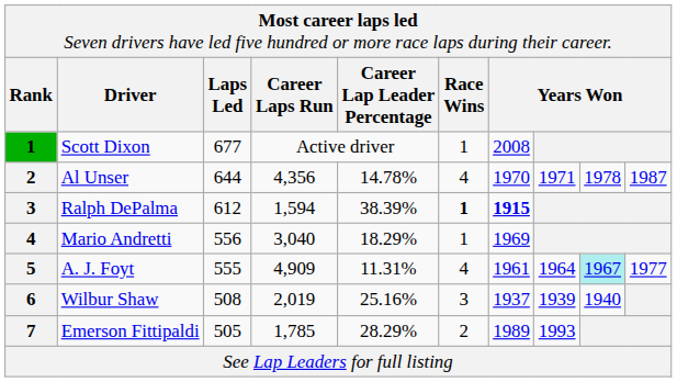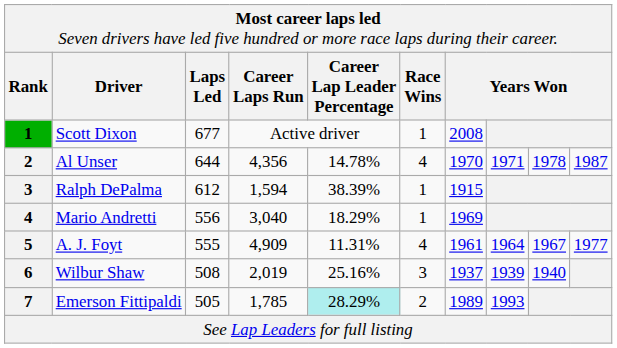 <table class="wikitable" style="font-size:95%;">
 <tr>
 <td style="background:#f2f2f2; text-align:center;" colspan="10"><strong>Most career laps led</strong><br><em>Seven drivers have led five hundred or more race laps during their career.</em></td>
 </tr>
 <tr>
 <th>Rank</th>
 <th>Driver</th>
 <th>Laps<br>Led</th>
 <th>Career<br>Laps Run</th>
 <th>Career<br>Lap Leader<br>Percentage</th>
 <th>Race<br>Wins</th>
 <td style="background:#f2f2f2; text-align:center;" colspan="4"><strong>Years Won</strong></td>
 </tr>
 <tr>
 <td style="background:#00af00; text-align:center;"><strong>1</strong></td>
 <td> <a href='#'>Scott Dixon</a></td>
 <td align=center>677</td>
 <td style="text-align:center;" colspan="2">Active driver</td>
 <td align=center>1</td>
 <td align=center><a href='#'>2008</a></td>
 <td style="background:#f2f2f2; text-align:center;" colspan="3"> </td>
 </tr>
 <tr>
 <td style="background:#f2f2f2; text-align:center;"><strong>2</strong></td>
 <td> <a href='#'>Al Unser</a></td>
 <td align=center>644</td>
 <td align=center>4,356</td>
 <td align=center>14.78%</td>
 <td align=center>4</td>
 <td align=center><a href='#'>1970</a></td>
 <td align=center><a href='#'>1971</a></td>
 <td align=center><a href='#'>1978</a></td>
 <td align=center><a href='#'>1987</a></td>
 </tr>
 <tr>
 <td style="background:#f2f2f2; text-align:center;"><strong>3</strong></td>
 <td> <a href='#'>Ralph DePalma</a></td>
 <td align=center>612</td>
 <td align=center>1,594</td>
 <td align=center>38.39%</td>
-<td align=center><strong>1</strong></td>
-<td align=center><strong><a href='#'>1915</a></strong></td>
+<td align=center>1</td>
+<td align=center><a href='#'>1915</a></td>
 <td style="background:#f2f2f2; text-align:center;" colspan="3"> </td>
 </tr>
 <tr>
 <td style="background:#f2f2f2; text-align:center;"><strong>4</strong></td>
 <td> <a href='#'>Mario Andretti</a></td>
 <td align=center>556</td>
 <td align=center>3,040</td>
 <td align=center>18.29%</td>
 <td align=center>1</td>
 <td align=center><a href='#'>1969</a></td>
 <td style="background:#f2f2f2; text-align:center;" colspan="3"> </td>
 </tr>
 <tr>
 <td style="background:#f2f2f2; text-align:center;"><strong>5</strong></td>
 <td> <a href='#'>A. J. Foyt</a></td>
 <td align=center>555</td>
 <td align=center>4,909</td>
 <td align=center>11.31%</td>
 <td align=center>4</td>
 <td align=center><a href='#'>1961</a></td>
 <td align=center><a href='#'>1964</a></td>
-<td align=center style="background: paleturquoise;"><a href='#'>1967</a></td>
+<td align=center><a href='#'>1967</a></td>
 <td align=center><a href='#'>1977</a></td>
 </tr>
 <tr>
 <td style="background:#f2f2f2; text-align:center;"><strong>6</strong></td>
 <td> <a href='#'>Wilbur Shaw</a></td>
 <td align=center>508</td>
 <td align=center>2,019</td>
 <td align=center>25.16%</td>
 <td align=center>3</td>
 <td align=center><a href='#'>1937</a></td>
 <td align=center><a href='#'>1939</a></td>
 <td align=center><a href='#'>1940</a></td>
 <td style="background:#f2f2f2; text-align:center;"> </td>
 </tr>
 <tr>
 <td style="background:#f2f2f2; text-align:center;"><strong>7</strong></td>
 <td> <a href='#'>Emerson Fittipaldi</a></td>
 <td align=center>505</td>
 <td align=center>1,785</td>
-<td align=center>28.29%</td>
+<td align=center style="background: paleturquoise;">28.29%</td>
 <td align=center>2</td>
 <td align=center><a href='#'>1989</a></td>
 <td align=center><a href='#'>1993</a></td>
 <td style="background:#f2f2f2; text-align:center;" colspan="2"> </td>
 </tr>
 <tr>
 <td style="background:#F2F2F2;" align="center" colspan="10"><em>See <a href='#'>Lap Leaders</a> for full listing</em></td>
 </tr>
 </table>
